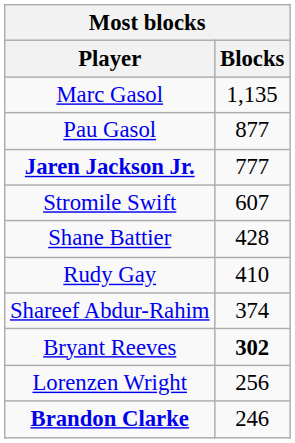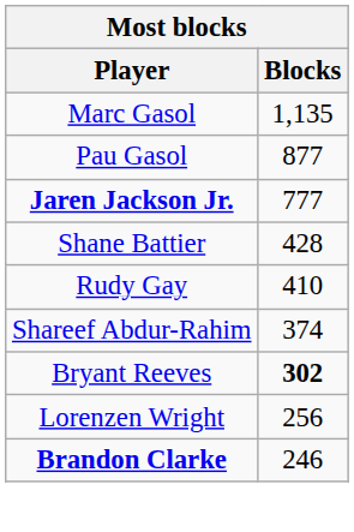 <table class="wikitable sortable" style="text-align:center">
 <tr>
 <th colspan="2" style="text-align:center; ">Most blocks</th>
 </tr>
 <tr>
 <th style="text-align:center; ">Player</th>
 <th style="text-align:center; ">Blocks</th>
 </tr>
 <tr>
 <td><a href='#'>Marc Gasol</a></td>
 <td>1,135</td>
 </tr>
 <tr>
 <td><a href='#'>Pau Gasol</a></td>
 <td>877</td>
 </tr>
 <tr>
 <td><strong><a href='#'>Jaren Jackson Jr.</a></strong></td>
 <td>777</td>
-</tr>
-<tr>
-<td><a href='#'>Stromile Swift</a></td>
-<td>607</td>
 </tr>
 <tr>
 <td><a href='#'>Shane Battier</a></td>
 <td>428</td>
 </tr>
 <tr>
 <td><a href='#'>Rudy Gay</a></td>
 <td>410</td>
 </tr>
 <tr>
 <td><a href='#'>Shareef Abdur-Rahim</a></td>
 <td>374</td>
 </tr>
 <tr>
 <td><a href='#'>Bryant Reeves</a></td>
 <td><strong>302</strong></td>
 </tr>
 <tr>
 <td><a href='#'>Lorenzen Wright</a></td>
 <td>256</td>
 </tr>
 <tr>
 <td><strong><a href='#'>Brandon Clarke</a></strong></td>
 <td>246</td>
 </tr>
 </table>
